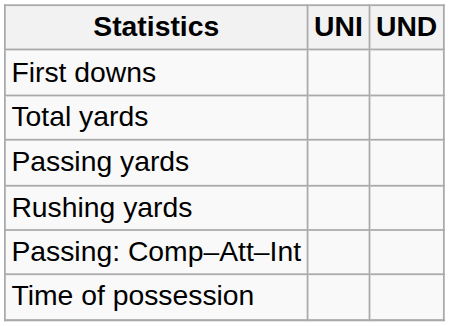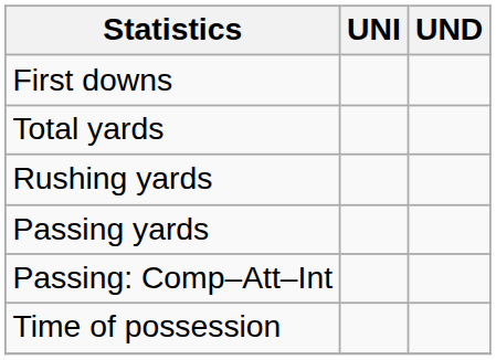 <table class="wikitable" style="float: left;">
 <tr>
 <th>Statistics</th>
 <th>UNI</th>
 <th>UND</th>
 </tr>
 <tr>
 <td>First downs</td>
 <td></td>
 <td></td>
 </tr>
 <tr>
 <td>Total yards</td>
 <td></td>
 <td></td>
 </tr>
 <tr>
-<td>Passing yards</td>
+<td>Rushing yards</td>
 <td></td>
 <td></td>
 </tr>
 <tr>
-<td>Rushing yards</td>
+<td>Passing yards</td>
 <td></td>
 <td></td>
 </tr>
 <tr>
 <td>Passing: Comp–Att–Int</td>
 <td></td>
 <td></td>
 </tr>
 <tr>
 <td>Time of possession</td>
 <td></td>
 <td></td>
 </tr>
 <tr>
 </tr>
 </table>
